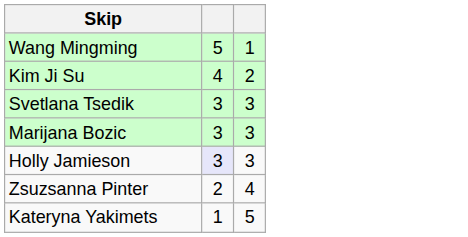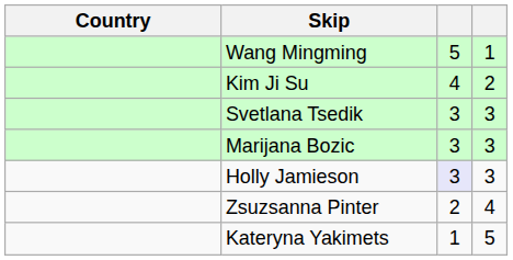 <table class=wikitable style="font-size:95%;text-align: center">
 <tr>
+<th width=160>Country</th>
 <th width=160>Skip</th>
 <th width=20></th>
 <th width=20></th>
 </tr>
 <tr style="background:#ccffcc;">
+<td style="text-align:left;"></td>
 <td style="text-align:left;">Wang Mingming</td>
 <td>5</td>
 <td>1</td>
 </tr>
 <tr style="background:#ccffcc;">
+<td style="text-align:left;"></td>
 <td style="text-align:left;">Kim Ji Su</td>
 <td>4</td>
 <td>2</td>
 </tr>
 <tr style="background:#ccffcc;">
+<td style="text-align:left;"></td>
 <td style="text-align:left;">Svetlana Tsedik</td>
 <td>3</td>
 <td>3</td>
 </tr>
 <tr style="background:#ccffcc;">
+<td style="text-align:left;"></td>
 <td style="text-align:left;">Marijana Bozic</td>
 <td>3</td>
 <td>3</td>
 </tr>
 <tr>
+<td style="text-align:left;"></td>
 <td style="text-align:left;">Holly Jamieson</td>
 <td style="background: lavender;">3</td>
 <td>3</td>
 </tr>
 <tr>
+<td style="text-align:left;"></td>
 <td style="text-align:left;">Zsuzsanna Pinter</td>
 <td>2</td>
 <td>4</td>
 </tr>
 <tr>
+<td style="text-align:left;"></td>
 <td style="text-align:left;">Kateryna Yakimets</td>
 <td>1</td>
 <td>5</td>
 </tr>
 </table>
